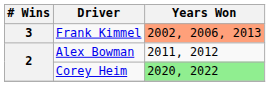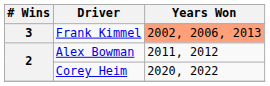 <table class="wikitable" style="font-size: 95%;">
 <tr>
 <th># Wins</th>
 <th>Driver</th>
 <th>Years Won</th>
 </tr>
 <tr>
 <th>3</th>
 <td><a href='#'>Frank Kimmel</a></td>
 <td style="background: lightsalmon;">2002, 2006, 2013</td>
 </tr>
 <tr>
 <th rowspan="2">2</th>
 <td><a href='#'>Alex Bowman</a></td>
 <td>2011, 2012</td>
 </tr>
 <tr>
 <td><a href='#'>Corey Heim</a></td>
-<td style="background: lightgreen;">2020, 2022</td>
+<td>2020, 2022</td>
 </tr>
 <tr>
 </tr>
 </table>
